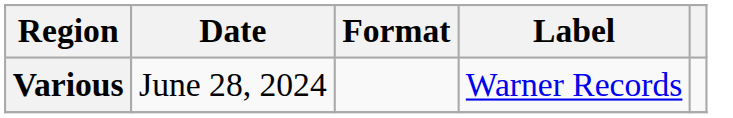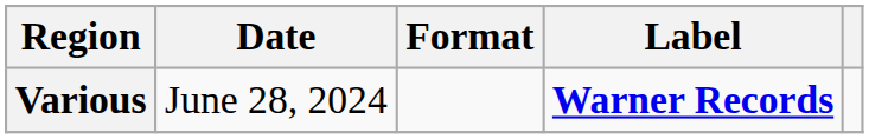 <table class="wikitable plainrowheaders">
 <tr>
 <th scope="col">Region</th>
 <th scope="col">Date</th>
 <th scope="col">Format</th>
 <th scope="col">Label</th>
 <th scope="col"></th>
 </tr>
 <tr>
 <th scope="row">Various</th>
 <td>June 28, 2024</td>
 <td></td>
-<td><a href='#'>Warner Records</a></td>
+<td><strong><a href='#'>Warner Records</a></strong></td>
 <td></td>
 </tr>
 <tr>
 </tr>
 </table>
